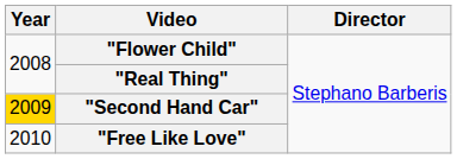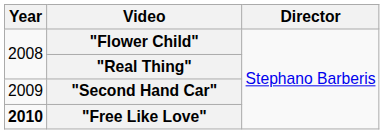 <table class="wikitable plainrowheaders">
 <tr>
 <th>Year</th>
 <th style="width:12em;">Video</th>
 <th>Director</th>
 </tr>
 <tr>
 <td rowspan="2">2008</td>
 <th scope="row">"Flower Child"</th>
 <td rowspan="4"><a href='#'>Stephano Barberis</a></td>
 </tr>
 <tr>
 <th scope="row">"Real Thing"</th>
 </tr>
 <tr>
-<td style="background: gold;">2009</td>
+<td>2009</td>
 <th scope="row">"Second Hand Car"</th>
 </tr>
 <tr>
-<td>2010</td>
+<td><strong>2010</strong></td>
 <th scope="row">"Free Like Love"</th>
 </tr>
 </table>
